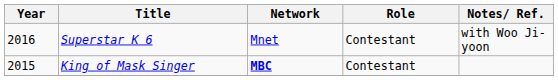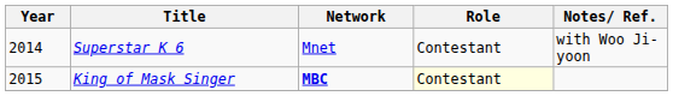 <table class="wikitable">
 <tr>
 <th style="width: 5%">Year</th>
 <th style="width: 20%">Title</th>
 <th style="width: 10%">Network</th>
 <th style="width: 10%">Role</th>
 <th style="width: 10%">Notes/ Ref.</th>
 </tr>
 <tr>
-<td>2016</td>
+<td>2014</td>
 <td><em><a href='#'>Superstar K 6</a></em></td>
 <td><a href='#'>Mnet</a></td>
 <td>Contestant</td>
 <td>with Woo Ji-yoon</td>
 </tr>
 <tr>
 <td>2015</td>
 <td><em><a href='#'>King of Mask Singer</a></em></td>
 <td><strong><a href='#'>MBC</a></strong></td>
-<td>Contestant</td>
+<td style="background: lightyellow;">Contestant</td>
 <td></td>
 </tr>
 <tr>
 </tr>
 </table>
